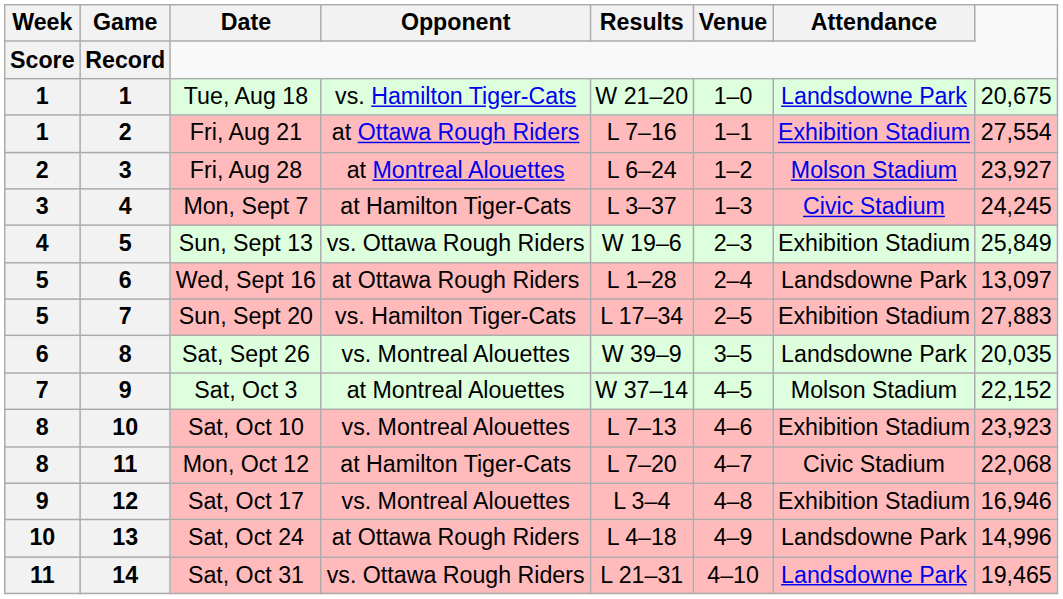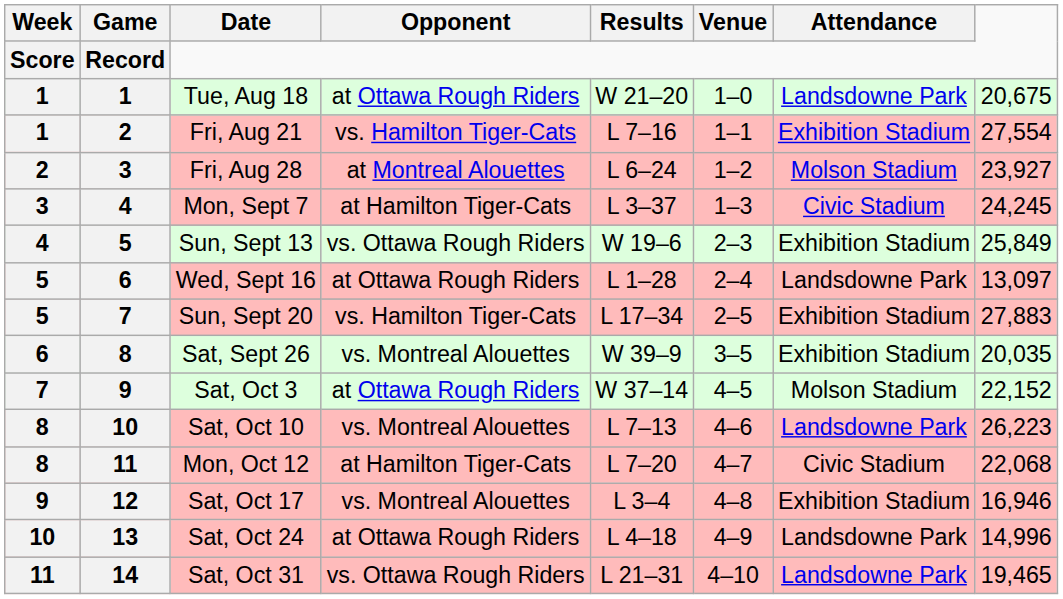 <table class="wikitable" style="text-align:center">
 <tr>
 <th>Week</th>
 <th>Game</th>
 <th>Date</th>
 <th>Opponent</th>
 <th>Results</th>
 <th>Venue</th>
 <th>Attendance</th>
 </tr>
 <tr>
 <th>Score</th>
 <th>Record</th>
 </tr>
 <tr style="background:#ddffdd">
 <th>1</th>
 <th>1</th>
 <td>Tue, Aug 18</td>
-<td>vs. <a href='#'>Hamilton Tiger-Cats</a></td>
+<td>at <a href='#'>Ottawa Rough Riders</a></td>
 <td>W 21–20</td>
 <td>1–0</td>
 <td><a href='#'>Landsdowne Park</a></td>
 <td>20,675</td>
 </tr>
 <tr style="background:#ffbbbb">
 <th>1</th>
 <th>2</th>
 <td>Fri, Aug 21</td>
-<td>at <a href='#'>Ottawa Rough Riders</a></td>
+<td>vs. <a href='#'>Hamilton Tiger-Cats</a></td>
 <td>L 7–16</td>
 <td>1–1</td>
 <td><a href='#'>Exhibition Stadium</a></td>
 <td>27,554</td>
 </tr>
 <tr style="background:#ffbbbb">
 <th>2</th>
 <th>3</th>
 <td>Fri, Aug 28</td>
 <td>at <a href='#'>Montreal Alouettes</a></td>
 <td>L 6–24</td>
 <td>1–2</td>
 <td><a href='#'>Molson Stadium</a></td>
 <td>23,927</td>
 </tr>
 <tr style="background:#ffbbbb">
 <th>3</th>
 <th>4</th>
 <td>Mon, Sept 7</td>
 <td>at Hamilton Tiger-Cats</td>
 <td>L 3–37</td>
 <td>1–3</td>
 <td><a href='#'>Civic Stadium</a></td>
 <td>24,245</td>
 </tr>
 <tr style="background:#ddffdd">
 <th>4</th>
 <th>5</th>
 <td>Sun, Sept 13</td>
 <td>vs. Ottawa Rough Riders</td>
 <td>W 19–6</td>
 <td>2–3</td>
 <td>Exhibition Stadium</td>
 <td>25,849</td>
 </tr>
 <tr style="background:#ffbbbb">
 <th>5</th>
 <th>6</th>
 <td>Wed, Sept 16</td>
 <td>at Ottawa Rough Riders</td>
 <td>L 1–28</td>
 <td>2–4</td>
 <td>Landsdowne Park</td>
 <td>13,097</td>
 </tr>
 <tr style="background:#ffbbbb">
 <th>5</th>
 <th>7</th>
 <td>Sun, Sept 20</td>
 <td>vs. Hamilton Tiger-Cats</td>
 <td>L 17–34</td>
 <td>2–5</td>
 <td>Exhibition Stadium</td>
 <td>27,883</td>
 </tr>
 <tr style="background:#ddffdd">
 <th>6</th>
 <th>8</th>
 <td>Sat, Sept 26</td>
 <td>vs. Montreal Alouettes</td>
 <td>W 39–9</td>
 <td>3–5</td>
-<td>Landsdowne Park</td>
+<td>Exhibition Stadium</td>
 <td>20,035</td>
 </tr>
 <tr style="background:#ddffdd">
 <th>7</th>
 <th>9</th>
 <td>Sat, Oct 3</td>
-<td>at Montreal Alouettes</td>
+<td>at <a href='#'>Ottawa Rough Riders</a></td>
 <td>W 37–14</td>
 <td>4–5</td>
 <td>Molson Stadium</td>
 <td>22,152</td>
 </tr>
 <tr style="background:#ffbbbb">
 <th>8</th>
 <th>10</th>
 <td>Sat, Oct 10</td>
 <td>vs. Montreal Alouettes</td>
 <td>L 7–13</td>
 <td>4–6</td>
-<td>Exhibition Stadium</td>
-<td>23,923</td>
+<td><a href='#'>Landsdowne Park</a></td>
+<td>26,223</td>
 </tr>
 <tr style="background:#ffbbbb">
 <th>8</th>
 <th>11</th>
 <td>Mon, Oct 12</td>
 <td>at Hamilton Tiger-Cats</td>
 <td>L 7–20</td>
 <td>4–7</td>
 <td>Civic Stadium</td>
 <td>22,068</td>
 </tr>
 <tr style="background:#ffbbbb">
 <th>9</th>
 <th>12</th>
 <td>Sat, Oct 17</td>
 <td>vs. Montreal Alouettes</td>
 <td>L 3–4</td>
 <td>4–8</td>
 <td>Exhibition Stadium</td>
 <td>16,946</td>
 </tr>
 <tr style="background:#ffbbbb">
 <th>10</th>
 <th>13</th>
 <td>Sat, Oct 24</td>
 <td>at Ottawa Rough Riders</td>
 <td>L 4–18</td>
 <td>4–9</td>
 <td>Landsdowne Park</td>
 <td>14,996</td>
 </tr>
 <tr style="background:#ffbbbb">
 <th>11</th>
 <th>14</th>
 <td>Sat, Oct 31</td>
 <td>vs. Ottawa Rough Riders</td>
 <td>L 21–31</td>
 <td>4–10</td>
 <td><a href='#'>Landsdowne Park</a></td>
 <td>19,465</td>
 </tr>
 </table>
